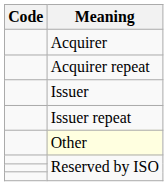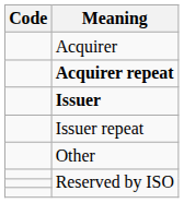 <table class="wikitable">
 <tr>
 <th>Code</th>
 <th>Meaning</th>
 </tr>
 <tr>
 <td></td>
 <td>Acquirer</td>
 </tr>
 <tr>
 <td></td>
-<td>Acquirer repeat</td>
+<td><strong>Acquirer repeat</strong></td>
 </tr>
 <tr>
 <td></td>
-<td>Issuer</td>
+<td><strong>Issuer</strong></td>
 </tr>
 <tr>
 <td></td>
 <td>Issuer repeat</td>
 </tr>
 <tr>
 <td></td>
-<td style="background: lightyellow;">Other</td>
+<td>Other</td>
 </tr>
 <tr>
 <td></td>
 <td rowspan="3">Reserved by ISO</td>
 </tr>
 <tr>
 <td></td>
 </tr>
 <tr>
 <td></td>
 </tr>
 </table>
